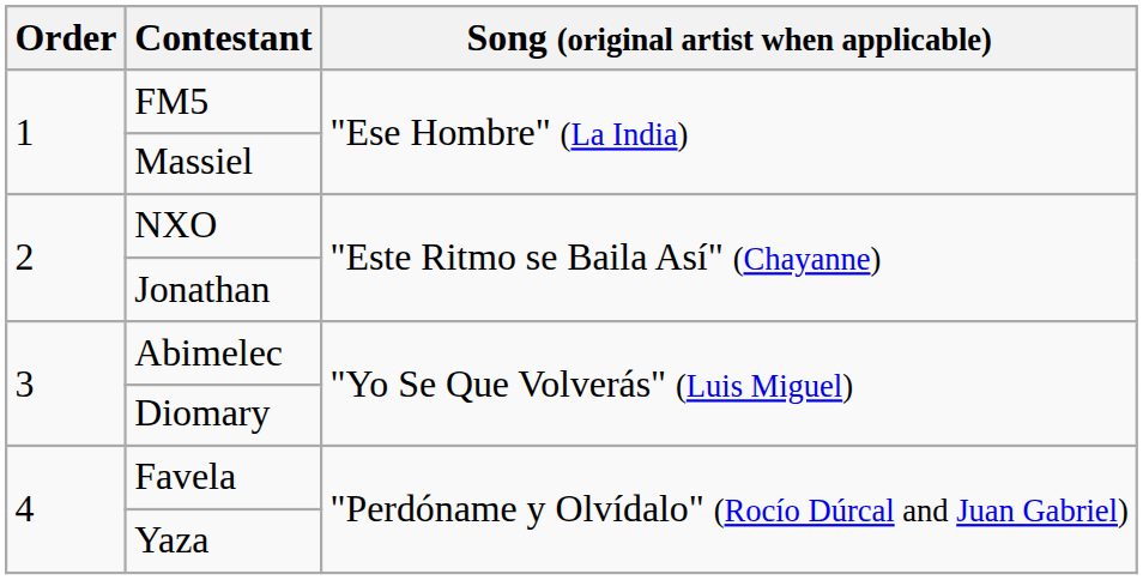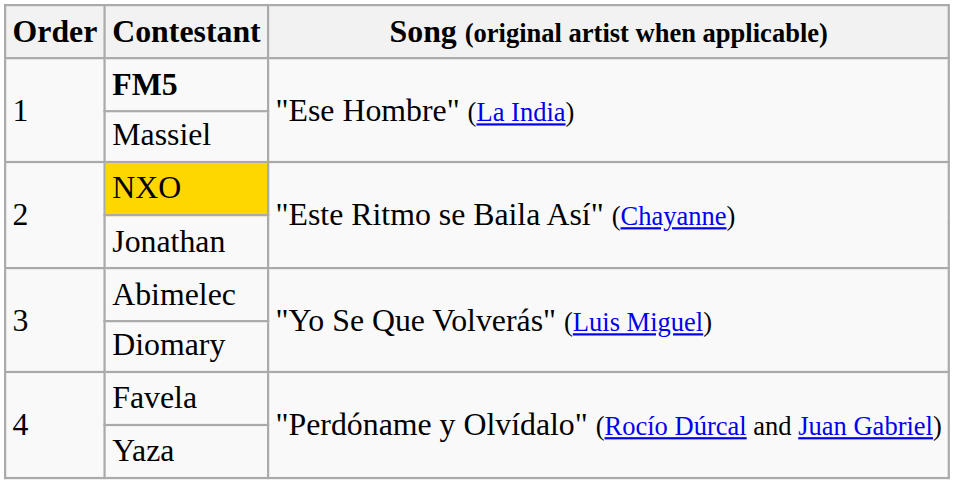 <table class="wikitable" style="font-size:90%;">
 <tr>
 <th>Order</th>
 <th>Contestant</th>
 <th>Song <small>(original artist when applicable)</small></th>
 </tr>
 <tr>
 <td rowspan="2">1</td>
-<td>FM5</td>
+<td><strong>FM5</strong></td>
 <td rowspan="2">"Ese Hombre" <small>(<a href='#'>La India</a>)</small></td>
 </tr>
 <tr>
 <td>Massiel</td>
 </tr>
 <tr>
 <td rowspan="2">2</td>
-<td>NXO</td>
+<td style="background: gold;">NXO</td>
 <td rowspan="2">"Este Ritmo se Baila Así" <small>(<a href='#'>Chayanne</a>)</small></td>
 </tr>
 <tr>
 <td>Jonathan</td>
 </tr>
 <tr>
 <td rowspan="2">3</td>
 <td>Abimelec</td>
 <td rowspan="2">"Yo Se Que Volverás" <small>(<a href='#'>Luis Miguel</a>)</small></td>
 </tr>
 <tr>
 <td>Diomary</td>
 </tr>
 <tr>
 <td rowspan="2">4</td>
 <td>Favela</td>
 <td rowspan="2">"Perdóname y Olvídalo" <small>(<a href='#'>Rocío Dúrcal</a> and <a href='#'>Juan Gabriel</a>)</small></td>
 </tr>
 <tr>
 <td>Yaza</td>
 </tr>
 </table>
